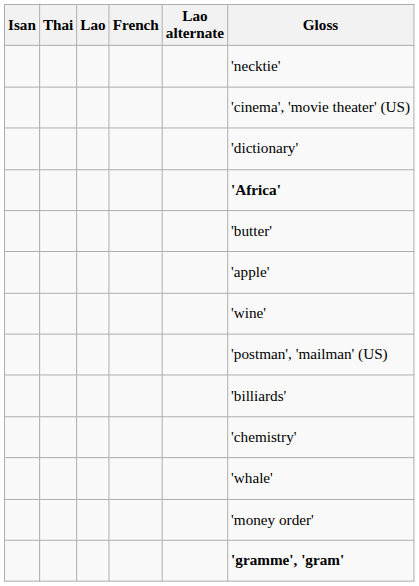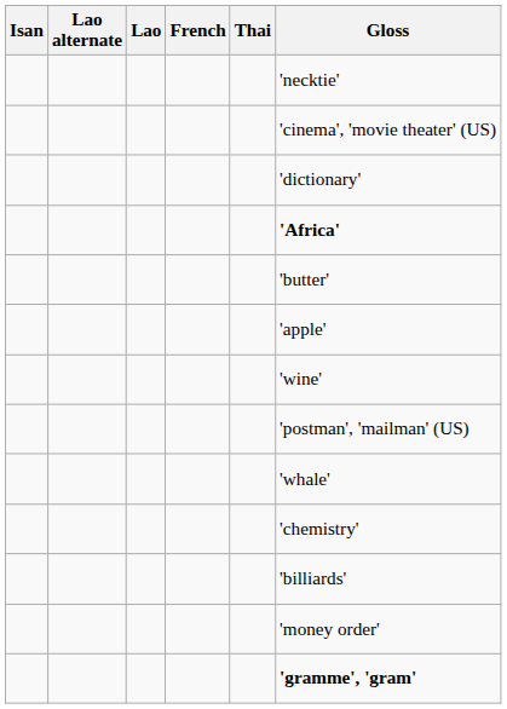 <table class="wikitable">
 <tr>
 <th>Isan</th>
-<th>Thai</th>
+<th>Lao<br>alternate</th>
 <th>Lao</th>
 <th>French</th>
-<th>Lao<br>alternate</th>
+<th>Thai</th>
 <th>Gloss</th>
 </tr>
 <tr>
 <td> <br>  <br> </td>
-<td> <br>  <br> </td>
+<td></td>
 <td> <br>  <br> </td>
 <td> <br> </td>
-<td></td>
+<td> <br>  <br> </td>
 <td>'necktie'</td>
 </tr>
 <tr>
 <td> <br>  <br> </td>
 <td> <br>  <br> </td>
 <td> <br>  <br> </td>
 <td> <br> </td>
 <td> <br>  <br> </td>
 <td>'cinema', 'movie theater' (US)</td>
 </tr>
 <tr>
 <td> <br>  <br> </td>
 <td> <br>  <br> </td>
 <td> <br>  <br> </td>
 <td> <br> </td>
 <td> <br>  <br> </td>
 <td>'dictionary'</td>
 </tr>
 <tr>
 <td> <br>  <br> </td>
 <td> <br>  <br> </td>
 <td> <br>  <br> </td>
 <td> <br> </td>
 <td> <br>  <br> </td>
 <td><strong>'Africa'</strong></td>
 </tr>
 <tr>
 <td> <br>  <br> </td>
-<td> <br>  <br> </td>
+<td></td>
 <td> <br>  <br> </td>
 <td> <br> </td>
-<td></td>
+<td> <br>  <br> </td>
 <td>'butter'</td>
 </tr>
 <tr>
 <td> <br>  <br> </td>
 <td> <br>  <br> </td>
 <td> <br>  <br> </td>
 <td> <br> </td>
 <td> <br>  <br> </td>
 <td>'apple'</td>
 </tr>
 <tr>
 <td> <br>  <br> </td>
-<td> <br>  <br> </td>
+<td></td>
 <td> <br>  <br> </td>
 <td> <br> </td>
-<td></td>
+<td> <br>  <br> </td>
 <td>'wine'</td>
 </tr>
 <tr>
 <td> <br>  <br> </td>
 <td> <br>  <br> </td>
 <td> <br>  <br> </td>
 <td> <br> </td>
 <td> <br>  <br> </td>
 <td>'postman', 'mailman' (US)</td>
 </tr>
 <tr>
 <td> <br>  <br> </td>
 <td> <br>  <br> </td>
 <td> <br>  <br> </td>
 <td> <br> </td>
 <td> <br>  <br> </td>
-<td>'billiards'</td>
+<td>'whale'</td>
 </tr>
 <tr>
 <td> <br>  <br> </td>
 <td> <br>  <br> </td>
 <td> <br>  <br> </td>
 <td> <br> </td>
 <td> <br>  <br> </td>
 <td>'chemistry'</td>
 </tr>
 <tr>
 <td> <br>  <br> </td>
 <td> <br>  <br> </td>
 <td> <br>  <br> </td>
 <td> <br> </td>
 <td> <br>  <br> </td>
-<td>'whale'</td>
+<td>'billiards'</td>
 </tr>
 <tr>
 <td> <br>  <br> </td>
 <td> <br>  <br> </td>
 <td> <br>  <br> </td>
 <td> <br> </td>
 <td> <br>  <br> </td>
 <td>'money order'</td>
 </tr>
 <tr>
 <td> <br>  <br> </td>
-<td> <br>  <br> </td>
+<td></td>
 <td> <br>  <br> </td>
 <td> <br> </td>
-<td></td>
+<td> <br>  <br> </td>
 <td><strong>'gramme', 'gram'</strong></td>
 </tr>
 </table>
